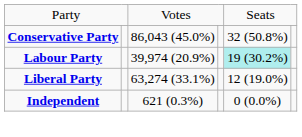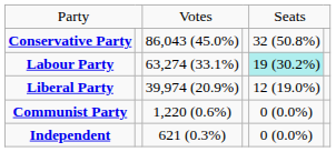 <table class=wikitable style="text-align:center;">
 <tr>
 <td colspan=2>Party</td>
 <td colspan=2>Votes</td>
 <td colspan=2>Seats</td>
 </tr>
 <tr>
 <td><strong><a href='#'>Conservative Party</a></strong></td>
 <td style="background:"></td>
 <td>86,043 (45.0%)</td>
 <td></td>
 <td>32 (50.8%)</td>
 <td></td>
 </tr>
 <tr>
 <td><strong><a href='#'>Labour Party</a></strong></td>
 <td style="background:"></td>
-<td>39,974 (20.9%)</td>
+<td>63,274 (33.1%)</td>
 <td></td>
 <td style="background: paleturquoise;">19 (30.2%)</td>
 <td></td>
 </tr>
 <tr>
 <td><strong><a href='#'>Liberal Party</a></strong></td>
 <td style="background:"></td>
-<td>63,274 (33.1%)</td>
+<td>39,974 (20.9%)</td>
 <td></td>
 <td>12 (19.0%)</td>
+<td></td>
+</tr>
+<tr>
+<td><strong><a href='#'>Communist Party</a></strong></td>
+<td style="background:"></td>
+<td>1,220 (0.6%)</td>
+<td></td>
+<td>0  (0.0%)</td>
 <td></td>
 </tr>
 <tr>
 <td><strong><a href='#'>Independent</a></strong></td>
 <td style="background:"></td>
 <td>621 (0.3%)</td>
 <td></td>
 <td>0 (0.0%)</td>
 <td></td>
 </tr>
 </table>
